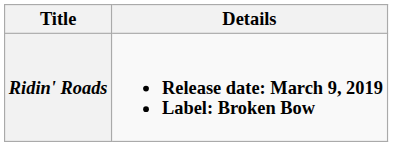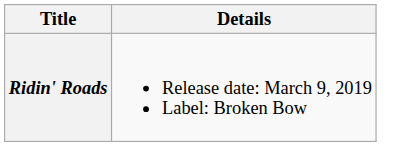 <table class="wikitable plainrowheaders">
 <tr>
 <th>Title</th>
 <th>Details</th>
 </tr>
 <tr>
 <th scope="row"><em>Ridin' Roads</em></th>
-<td><strong><br><ul><li>Release date: March 9, 2019</li><li>Label: Broken Bow</li></ul></strong></td>
+<td><br><ul><li>Release date: March 9, 2019</li><li>Label: Broken Bow</li></ul></td>
 </tr>
 </table>
